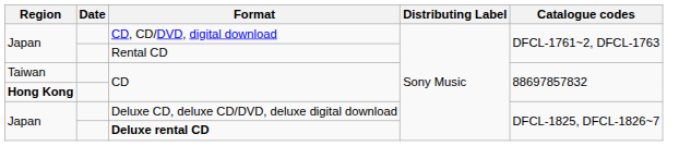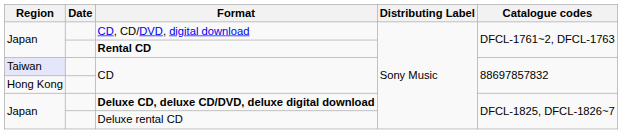 <table class="wikitable">
 <tr>
 <th>Region</th>
 <th>Date</th>
 <th>Format</th>
 <th>Distributing Label</th>
 <th>Catalogue codes</th>
 </tr>
 <tr>
 <td rowspan="2">Japan</td>
 <td></td>
 <td><a href='#'>CD</a>, CD/<a href='#'>DVD</a>, <a href='#'>digital download</a></td>
 <td rowspan="6">Sony Music</td>
 <td rowspan="2">DFCL-1761~2, DFCL-1763</td>
 </tr>
 <tr>
 <td></td>
-<td>Rental CD</td>
+<td><strong>Rental CD</strong></td>
 </tr>
 <tr>
-<td rowspan="1">Taiwan</td>
+<td rowspan="1" style="background: lavender;">Taiwan</td>
 <td></td>
 <td rowspan="2">CD</td>
 <td rowspan="2">88697857832</td>
 </tr>
 <tr>
-<td rowspan="1"><strong>Hong Kong</strong></td>
+<td rowspan="1">Hong Kong</td>
 <td></td>
 </tr>
 <tr>
 <td rowspan="2">Japan</td>
 <td></td>
-<td>Deluxe CD, deluxe CD/DVD, deluxe digital download</td>
+<td><strong>Deluxe CD, deluxe CD/DVD, deluxe digital download</strong></td>
 <td rowspan="2">DFCL-1825, DFCL-1826~7</td>
 </tr>
 <tr>
 <td></td>
-<td><strong>Deluxe rental CD</strong></td>
+<td>Deluxe rental CD</td>
 </tr>
 </table>
